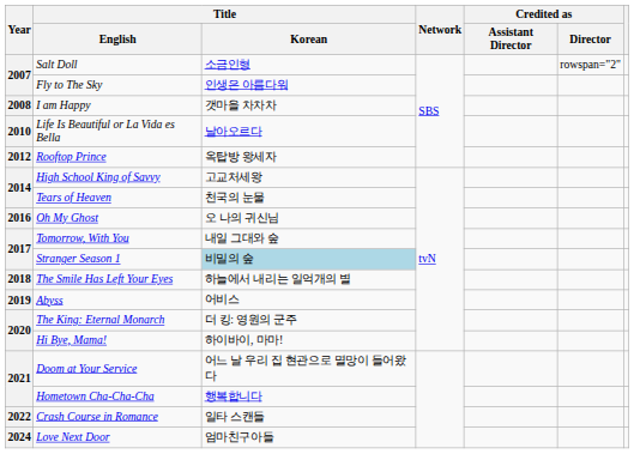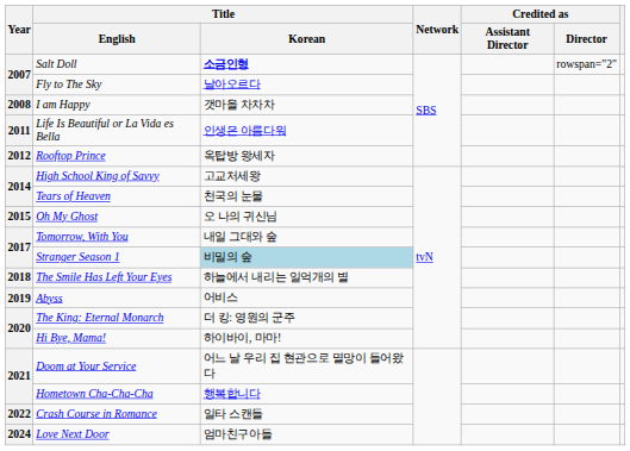 <table class="wikitable sortable plainrowheaders">
 <tr>
 <th rowspan="2">Year</th>
 <th colspan="2">Title</th>
 <th rowspan="2">Network</th>
 <th colspan="2">Credited as</th>
 <th rowspan="2" class="unsortable"></th>
 </tr>
 <tr>
 <th>English</th>
 <th>Korean</th>
 <th>Assistant Director</th>
 <th>Director</th>
 </tr>
 <tr>
 <th scope="row" rowspan="2">2007</th>
 <td><em>Salt Doll</em></td>
-<td><a href='#'>소금인형</a></td>
+<td><strong><a href='#'>소금인형</a></strong></td>
 <td rowspan="5"><a href='#'>SBS</a></td>
 <td></td>
 <td>rowspan="2" </td>
 <td></td>
 </tr>
 <tr>
 <td><em>Fly to The Sky</em></td>
-<td><a href='#'>인생은 아름다워</a></td>
+<td><a href='#'>날아오르다</a></td>
 <td></td>
 <td></td>
 </tr>
 <tr>
 <th scope="row">2008</th>
 <td><em>I am Happy</em></td>
 <td>갯마을 차차차</td>
 <td></td>
 <td></td>
 <td></td>
 </tr>
 <tr>
-<th scope="row">2010</th>
+<th scope="row">2011</th>
 <td><em>Life Is Beautiful or La Vida es Bella</em></td>
-<td><a href='#'>날아오르다</a></td>
+<td><a href='#'>인생은 아름다워</a></td>
 <td></td>
 <td></td>
 <td></td>
 </tr>
 <tr>
 <th scope="row">2012</th>
 <td><em><a href='#'>Rooftop Prince</a></em></td>
 <td>옥탑방 왕세자</td>
 <td></td>
 <td></td>
 <td></td>
 </tr>
 <tr>
 <th rowspan="2" scope="row">2014</th>
 <td><em><a href='#'>High School King of Savvy</a></em></td>
 <td>고교처세왕</td>
 <td rowspan="9"><a href='#'>tvN</a></td>
 <td></td>
 <td></td>
 <td></td>
 </tr>
 <tr>
 <td><em><a href='#'>Tears of Heaven</a></em></td>
 <td>천국의 눈물</td>
 <td></td>
 <td></td>
 <td></td>
 </tr>
 <tr>
-<th scope="row">2016</th>
+<th scope="row">2015</th>
 <td><em><a href='#'>Oh My Ghost</a></em></td>
 <td>오 나의 귀신님</td>
 <td></td>
 <td></td>
 <td></td>
 </tr>
 <tr>
 <th rowspan="2" scope="row">2017</th>
 <td><em><a href='#'>Tomorrow, With You</a></em></td>
 <td>내일 그대와 숲</td>
 <td></td>
 <td></td>
 <td></td>
 </tr>
 <tr>
 <td><em><a href='#'>Stranger Season 1</a></em></td>
 <td style="background: lightblue;">비밀의 숲</td>
 <td></td>
 <td></td>
 <td></td>
 </tr>
 <tr>
 <th scope="row">2018</th>
 <td><em><a href='#'>The Smile Has Left Your Eyes</a></em></td>
 <td>하늘에서 내리는 일억개의 별</td>
 <td></td>
 <td></td>
 <td></td>
 </tr>
 <tr>
 <th scope="row">2019</th>
 <td><em><a href='#'>Abyss</a></em></td>
 <td>어비스</td>
 <td></td>
 <td></td>
 <td></td>
 </tr>
 <tr>
 <th rowspan="2" scope="row">2020</th>
 <td><em><a href='#'>The King: Eternal Monarch</a></em></td>
 <td>더 킹: 영원의 군주</td>
 <td></td>
 <td></td>
 <td></td>
 </tr>
 <tr>
 <td><em><a href='#'>Hi Bye, Mama!</a></em></td>
 <td>하이바이, 마마!</td>
 <td></td>
 <td></td>
 <td></td>
 </tr>
 <tr>
 <th rowspan="2" scope="row">2021</th>
 <td><em><a href='#'>Doom at Your Service</a></em></td>
 <td>어느 날 우리 집 현관으로 멸망이 들어왔다</td>
 <td rowspan="4"></td>
 <td></td>
 <td></td>
 <td></td>
 </tr>
 <tr>
 <td><em><a href='#'>Hometown Cha-Cha-Cha</a></em></td>
 <td><a href='#'>행복합니다</a></td>
 <td></td>
 <td></td>
 <td></td>
 </tr>
 <tr>
 <th scope="row">2022</th>
 <td><em><a href='#'>Crash Course in Romance</a></em></td>
 <td>일타 스캔들</td>
 <td></td>
 <td></td>
 <td></td>
 </tr>
 <tr>
 <th scope="row">2024</th>
 <td><em><a href='#'>Love Next Door</a></em></td>
 <td>엄마친구아들</td>
 <td></td>
 <td></td>
 <td></td>
 </tr>
 </table>
